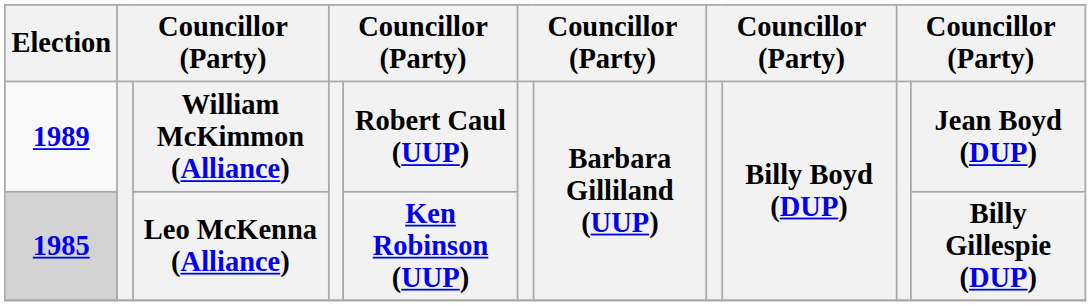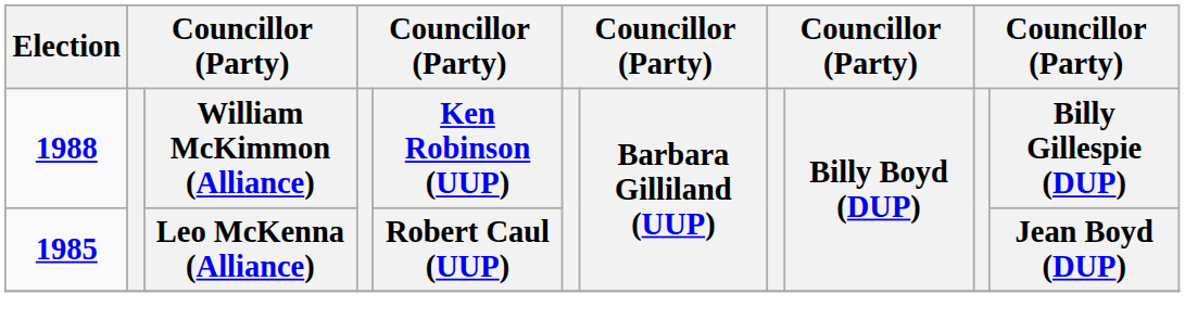 <table class="wikitable" style="text-align:center">
 <tr>
 <th scope="col" width="50">Election</th>
 <th scope="col" width="150" colspan = "2">Councillor<br> (Party)</th>
 <th scope="col" width="150" colspan = "2">Councillor<br> (Party)</th>
 <th scope="col" width="150" colspan = "2">Councillor<br> (Party)</th>
 <th scope="col" width="150" colspan = "2">Councillor<br> (Party)</th>
 <th scope="col" width="150" colspan = "2">Councillor<br> (Party)</th>
 </tr>
 <tr>
-<td><strong><a href='#'>1989</a></strong></td>
+<td><strong><a href='#'>1988</a></strong></td>
 <th rowspan="2" width="1" style="background-color: "></th>
 <th rowspan = "1">William McKimmon <br> (<a href='#'>Alliance</a>)</th>
 <th rowspan="2" width="1" style="background-color: "></th>
-<th rowspan = "1">Robert Caul <br> (<a href='#'>UUP</a>)</th>
+<th rowspan = "1"><a href='#'>Ken Robinson</a> <br> (<a href='#'>UUP</a>)</th>
 <th rowspan="2" width="1" style="background-color: "></th>
 <th rowspan = "2">Barbara Gilliland <br> (<a href='#'>UUP</a>)</th>
 <th rowspan="2" width="1" style="background-color: "></th>
 <th rowspan = "2">Billy Boyd <br> (<a href='#'>DUP</a>)</th>
 <th rowspan="2" width="1" style="background-color: "></th>
-<th rowspan = "1">Jean Boyd <br> (<a href='#'>DUP</a>)</th>
+<th rowspan = "1">Billy Gillespie <br> (<a href='#'>DUP</a>)</th>
 </tr>
 <tr>
-<td style="background: lightgrey;"><strong><a href='#'>1985</a></strong></td>
+<td><strong><a href='#'>1985</a></strong></td>
 <th rowspan = "1">Leo McKenna <br> (<a href='#'>Alliance</a>)</th>
-<th rowspan = "1"><a href='#'>Ken Robinson</a> <br> (<a href='#'>UUP</a>)</th>
-<th rowspan = "1">Billy Gillespie <br> (<a href='#'>DUP</a>)</th>
+<th rowspan = "1">Robert Caul <br> (<a href='#'>UUP</a>)</th>
+<th rowspan = "1">Jean Boyd <br> (<a href='#'>DUP</a>)</th>
 </tr>
 <tr>
 </tr>
 </table>
